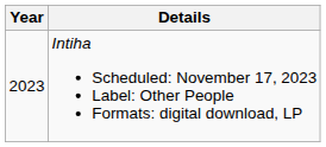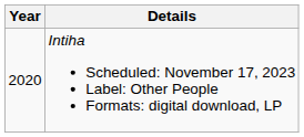 <table class="wikitable">
 <tr>
 <th>Year</th>
 <th>Details</th>
 </tr>
 <tr>
-<td>2023</td>
+<td>2020</td>
 <td><em>Intiha</em> <br><ul><li>Scheduled: November 17, 2023</li><li>Label: Other People</li><li>Formats: digital download, LP</li></ul></td>
 </tr>
 </table>
